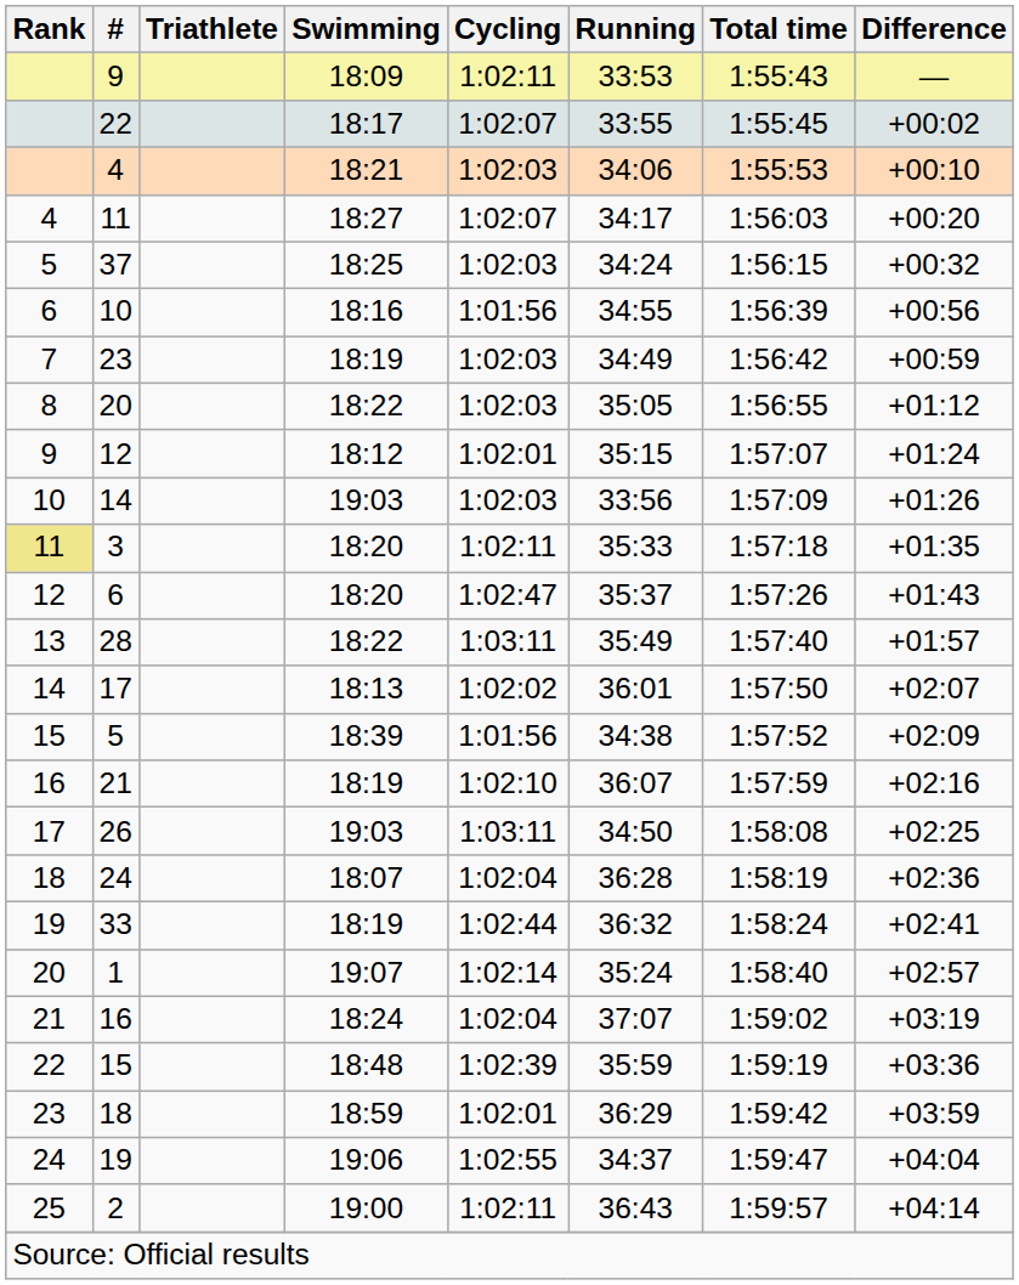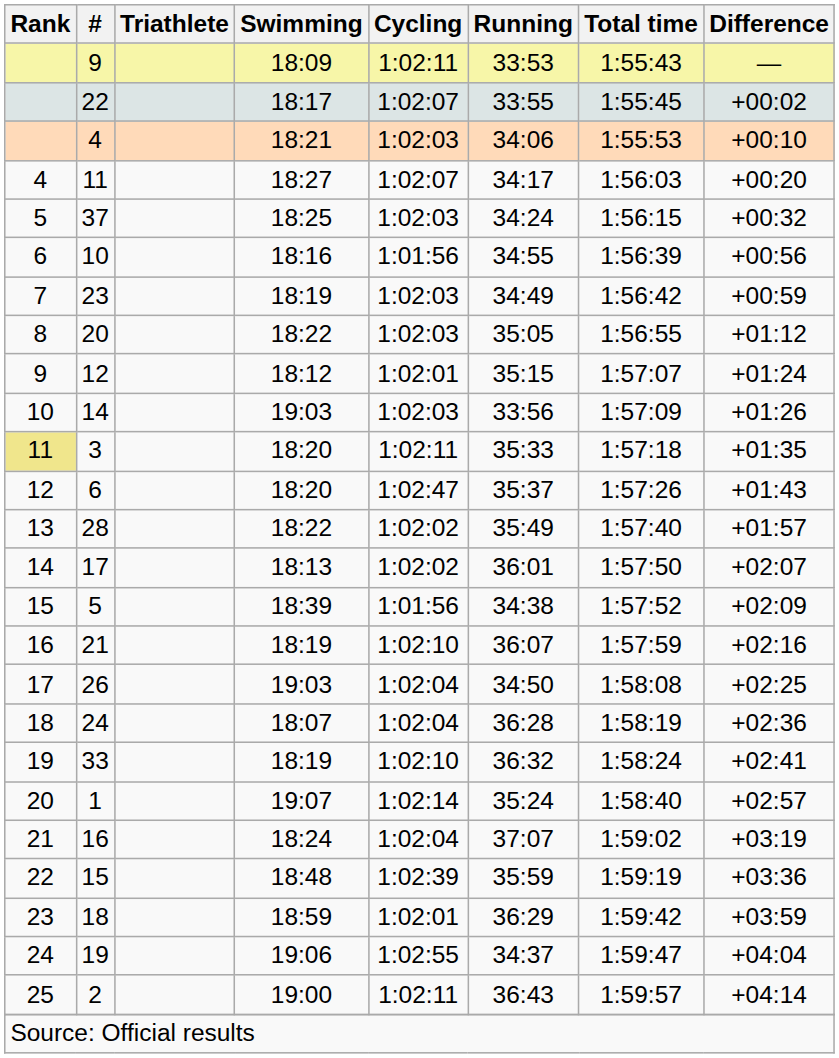 <table class="wikitable sortable" style="text-align:center">
 <tr>
 <th data-sort-type="number">Rank</th>
 <th>#</th>
 <th>Triathlete</th>
 <th>Swimming</th>
 <th>Cycling</th>
 <th>Running</th>
 <th>Total time</th>
 <th>Difference</th>
 </tr>
 <tr style="background:#F7F6A8;”">
 <td></td>
 <td>9</td>
 <td align=left></td>
 <td>18:09</td>
 <td>1:02:11</td>
 <td>33:53</td>
 <td>1:55:43</td>
 <td>—</td>
 </tr>
 <tr style="background:#DCE5E5;”">
 <td></td>
 <td>22</td>
 <td align=left></td>
 <td>18:17</td>
 <td>1:02:07</td>
 <td>33:55</td>
 <td>1:55:45</td>
 <td>+00:02</td>
 </tr>
 <tr style="background:#FFDAB9;">
 <td></td>
 <td>4</td>
 <td align=left></td>
 <td>18:21</td>
 <td>1:02:03</td>
 <td>34:06</td>
 <td>1:55:53</td>
 <td>+00:10</td>
 </tr>
 <tr>
 <td>4</td>
 <td>11</td>
 <td align=left></td>
 <td>18:27</td>
 <td>1:02:07</td>
 <td>34:17</td>
 <td>1:56:03</td>
 <td>+00:20</td>
 </tr>
 <tr>
 <td>5</td>
 <td>37</td>
 <td align=left></td>
 <td>18:25</td>
 <td>1:02:03</td>
 <td>34:24</td>
 <td>1:56:15</td>
 <td>+00:32</td>
 </tr>
 <tr>
 <td>6</td>
 <td>10</td>
 <td align=left></td>
 <td>18:16</td>
 <td>1:01:56</td>
 <td>34:55</td>
 <td>1:56:39</td>
 <td>+00:56</td>
 </tr>
 <tr>
 <td>7</td>
 <td>23</td>
 <td align=left></td>
 <td>18:19</td>
 <td>1:02:03</td>
 <td>34:49</td>
 <td>1:56:42</td>
 <td>+00:59</td>
 </tr>
 <tr>
 <td>8</td>
 <td>20</td>
 <td align=left></td>
 <td>18:22</td>
 <td>1:02:03</td>
 <td>35:05</td>
 <td>1:56:55</td>
 <td>+01:12</td>
 </tr>
 <tr>
 <td>9</td>
 <td>12</td>
 <td align=left></td>
 <td>18:12</td>
 <td>1:02:01</td>
 <td>35:15</td>
 <td>1:57:07</td>
 <td>+01:24</td>
 </tr>
 <tr>
 <td>10</td>
 <td>14</td>
 <td align=left></td>
 <td>19:03</td>
 <td>1:02:03</td>
 <td>33:56</td>
 <td>1:57:09</td>
 <td>+01:26</td>
 </tr>
 <tr>
 <td style="background: khaki;">11</td>
 <td>3</td>
 <td align=left></td>
 <td>18:20</td>
 <td>1:02:11</td>
 <td>35:33</td>
 <td>1:57:18</td>
 <td>+01:35</td>
 </tr>
 <tr>
 <td>12</td>
 <td>6</td>
 <td align=left></td>
 <td>18:20</td>
 <td>1:02:47</td>
 <td>35:37</td>
 <td>1:57:26</td>
 <td>+01:43</td>
 </tr>
 <tr>
 <td>13</td>
 <td>28</td>
 <td align=left></td>
 <td>18:22</td>
-<td>1:03:11</td>
+<td>1:02:02</td>
 <td>35:49</td>
 <td>1:57:40</td>
 <td>+01:57</td>
 </tr>
 <tr>
 <td>14</td>
 <td>17</td>
 <td align=left></td>
 <td>18:13</td>
 <td>1:02:02</td>
 <td>36:01</td>
 <td>1:57:50</td>
 <td>+02:07</td>
 </tr>
 <tr>
 <td>15</td>
 <td>5</td>
 <td align=left></td>
 <td>18:39</td>
 <td>1:01:56</td>
 <td>34:38</td>
 <td>1:57:52</td>
 <td>+02:09</td>
 </tr>
 <tr>
 <td>16</td>
 <td>21</td>
 <td align=left></td>
 <td>18:19</td>
 <td>1:02:10</td>
 <td>36:07</td>
 <td>1:57:59</td>
 <td>+02:16</td>
 </tr>
 <tr>
 <td>17</td>
 <td>26</td>
 <td align=left></td>
 <td>19:03</td>
-<td>1:03:11</td>
+<td>1:02:04</td>
 <td>34:50</td>
 <td>1:58:08</td>
 <td>+02:25</td>
 </tr>
 <tr>
 <td>18</td>
 <td>24</td>
 <td align=left></td>
 <td>18:07</td>
 <td>1:02:04</td>
 <td>36:28</td>
 <td>1:58:19</td>
 <td>+02:36</td>
 </tr>
 <tr>
 <td>19</td>
 <td>33</td>
 <td align=left></td>
 <td>18:19</td>
-<td>1:02:44</td>
+<td>1:02:10</td>
 <td>36:32</td>
 <td>1:58:24</td>
 <td>+02:41</td>
 </tr>
 <tr>
 <td>20</td>
 <td>1</td>
 <td align=left></td>
 <td>19:07</td>
 <td>1:02:14</td>
 <td>35:24</td>
 <td>1:58:40</td>
 <td>+02:57</td>
 </tr>
 <tr>
 <td>21</td>
 <td>16</td>
 <td align=left></td>
 <td>18:24</td>
 <td>1:02:04</td>
 <td>37:07</td>
 <td>1:59:02</td>
 <td>+03:19</td>
 </tr>
 <tr>
 <td>22</td>
 <td>15</td>
 <td align=left></td>
 <td>18:48</td>
 <td>1:02:39</td>
 <td>35:59</td>
 <td>1:59:19</td>
 <td>+03:36</td>
 </tr>
 <tr>
 <td>23</td>
 <td>18</td>
 <td align=left></td>
 <td>18:59</td>
 <td>1:02:01</td>
 <td>36:29</td>
 <td>1:59:42</td>
 <td>+03:59</td>
 </tr>
 <tr>
 <td>24</td>
 <td>19</td>
 <td align=left></td>
 <td>19:06</td>
 <td>1:02:55</td>
 <td>34:37</td>
 <td>1:59:47</td>
 <td>+04:04</td>
 </tr>
 <tr>
 <td>25</td>
 <td>2</td>
 <td align=left></td>
 <td>19:00</td>
 <td>1:02:11</td>
 <td>36:43</td>
 <td>1:59:57</td>
 <td>+04:14</td>
 </tr>
 <tr>
 </tr>
 <tr class="sortbottom">
 <td colspan="9" style="text-align:left;">Source: Official results</td>
 </tr>
 </table>
